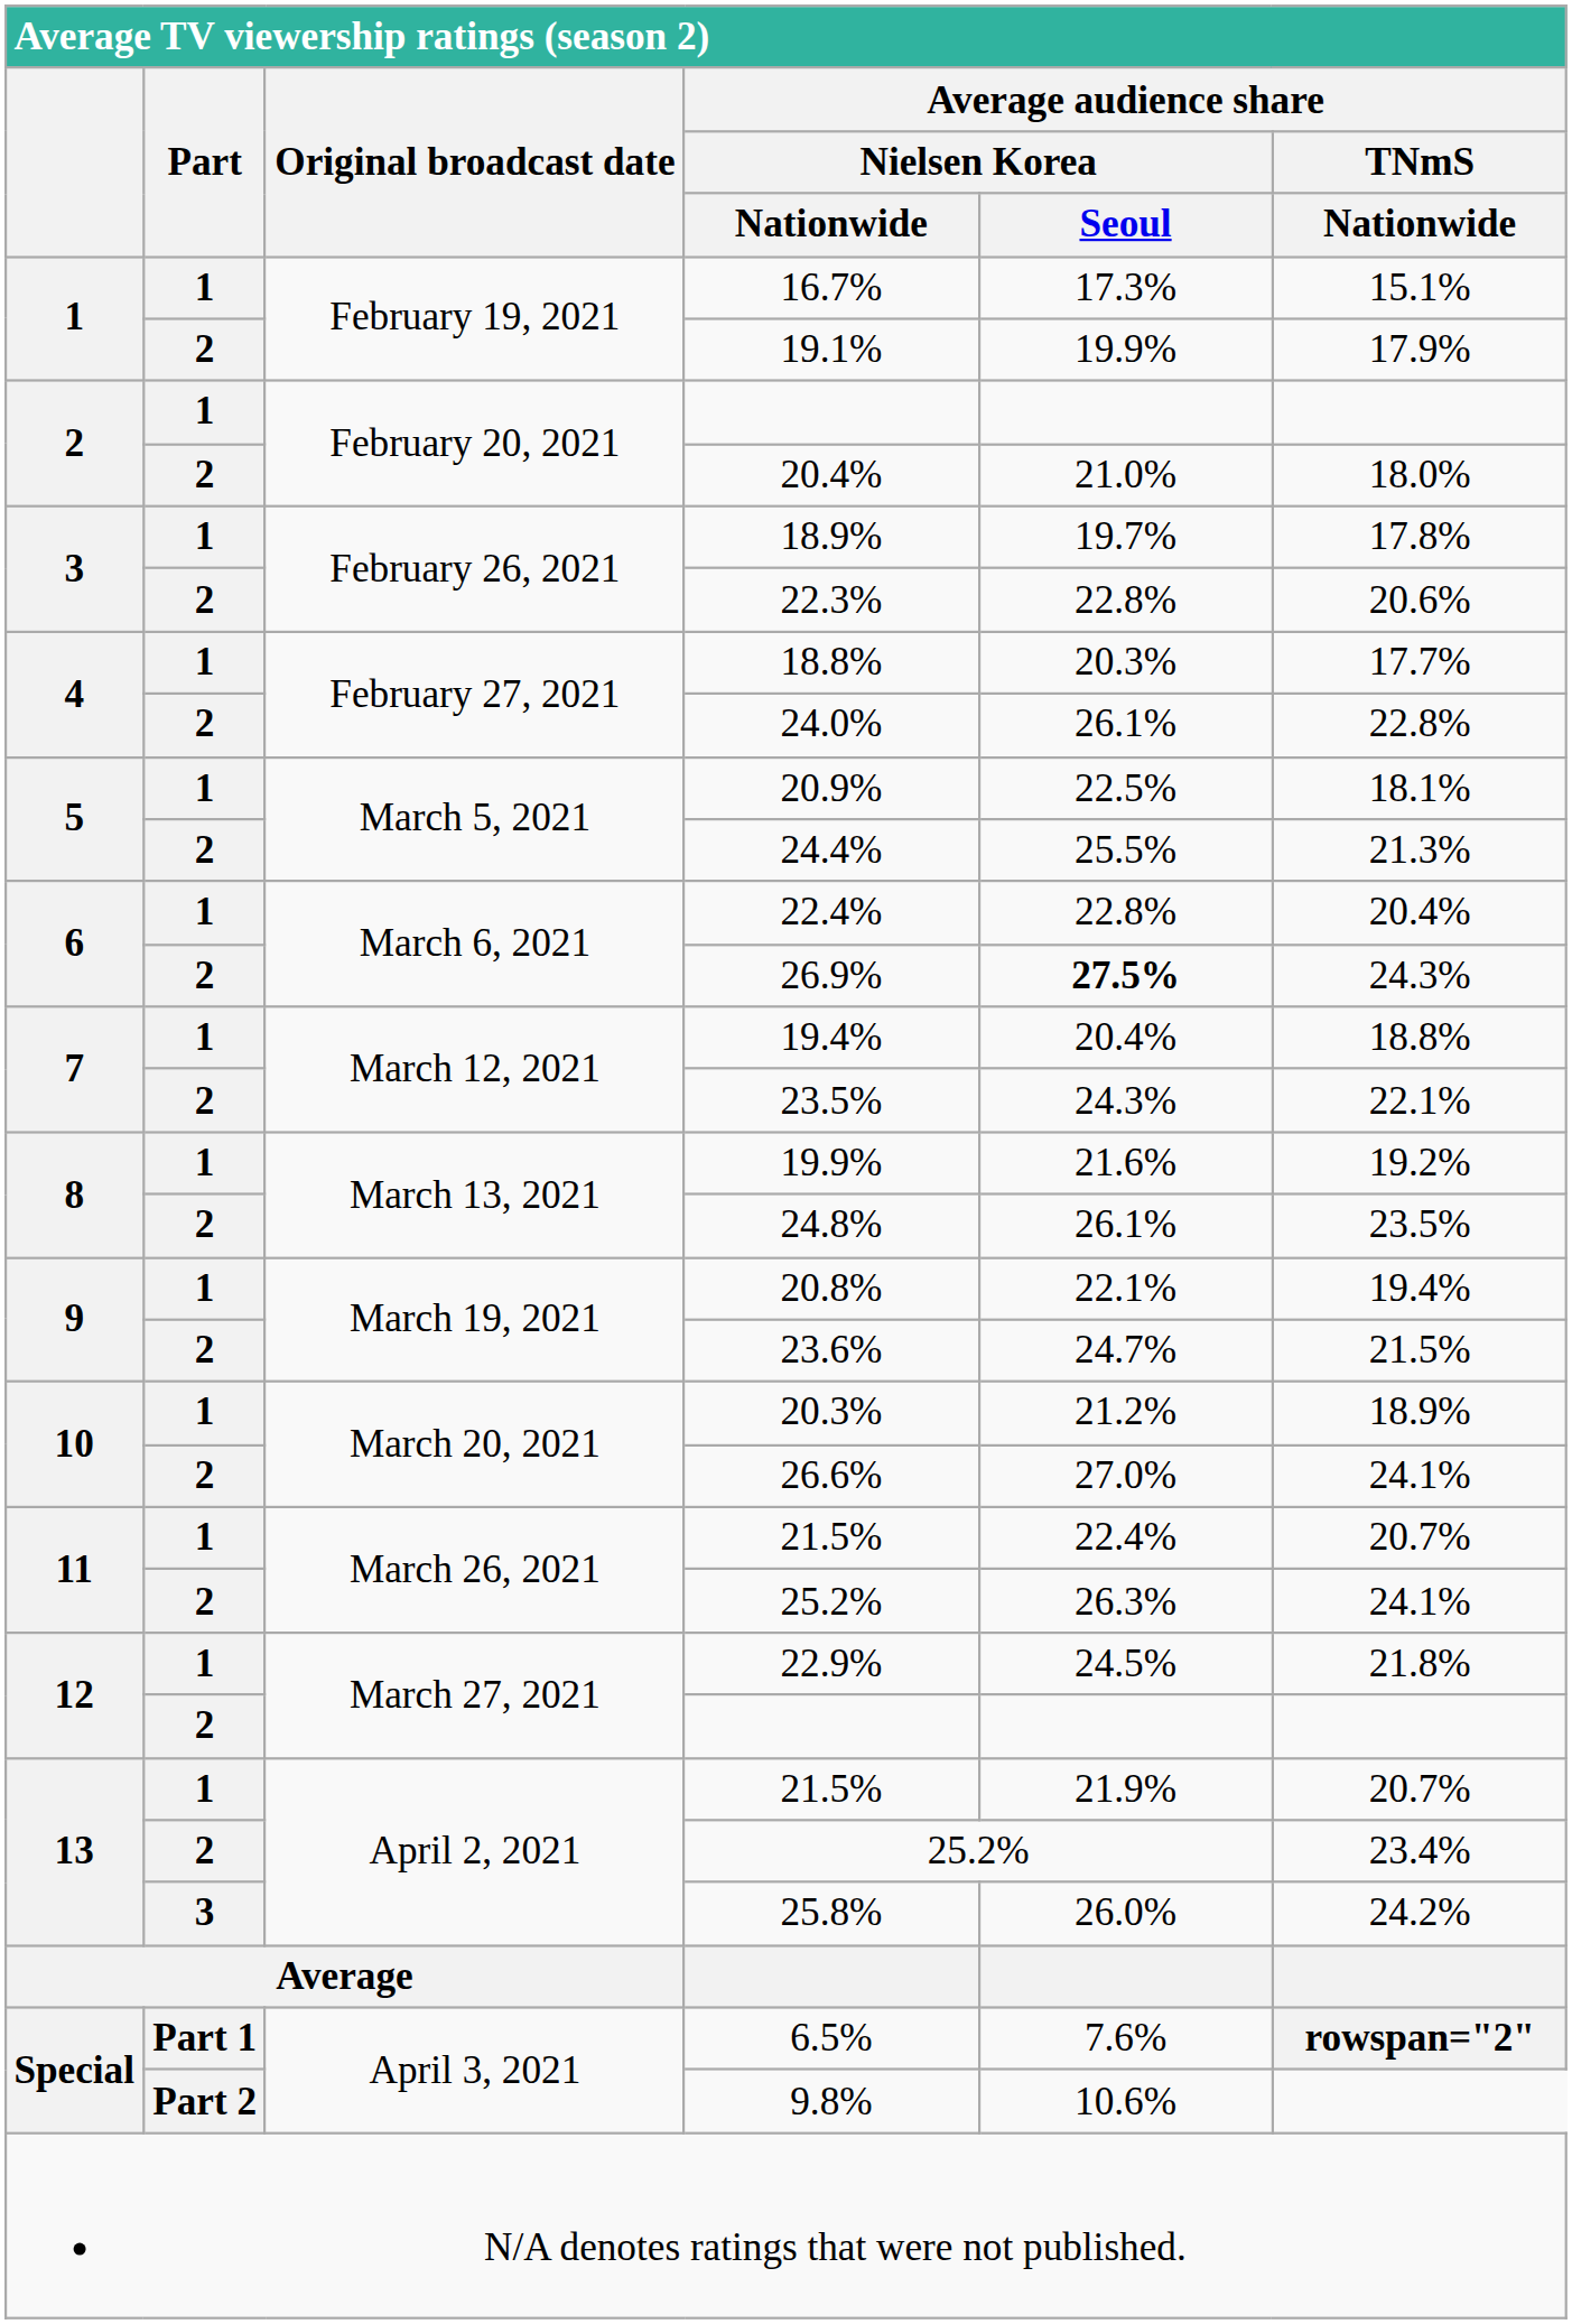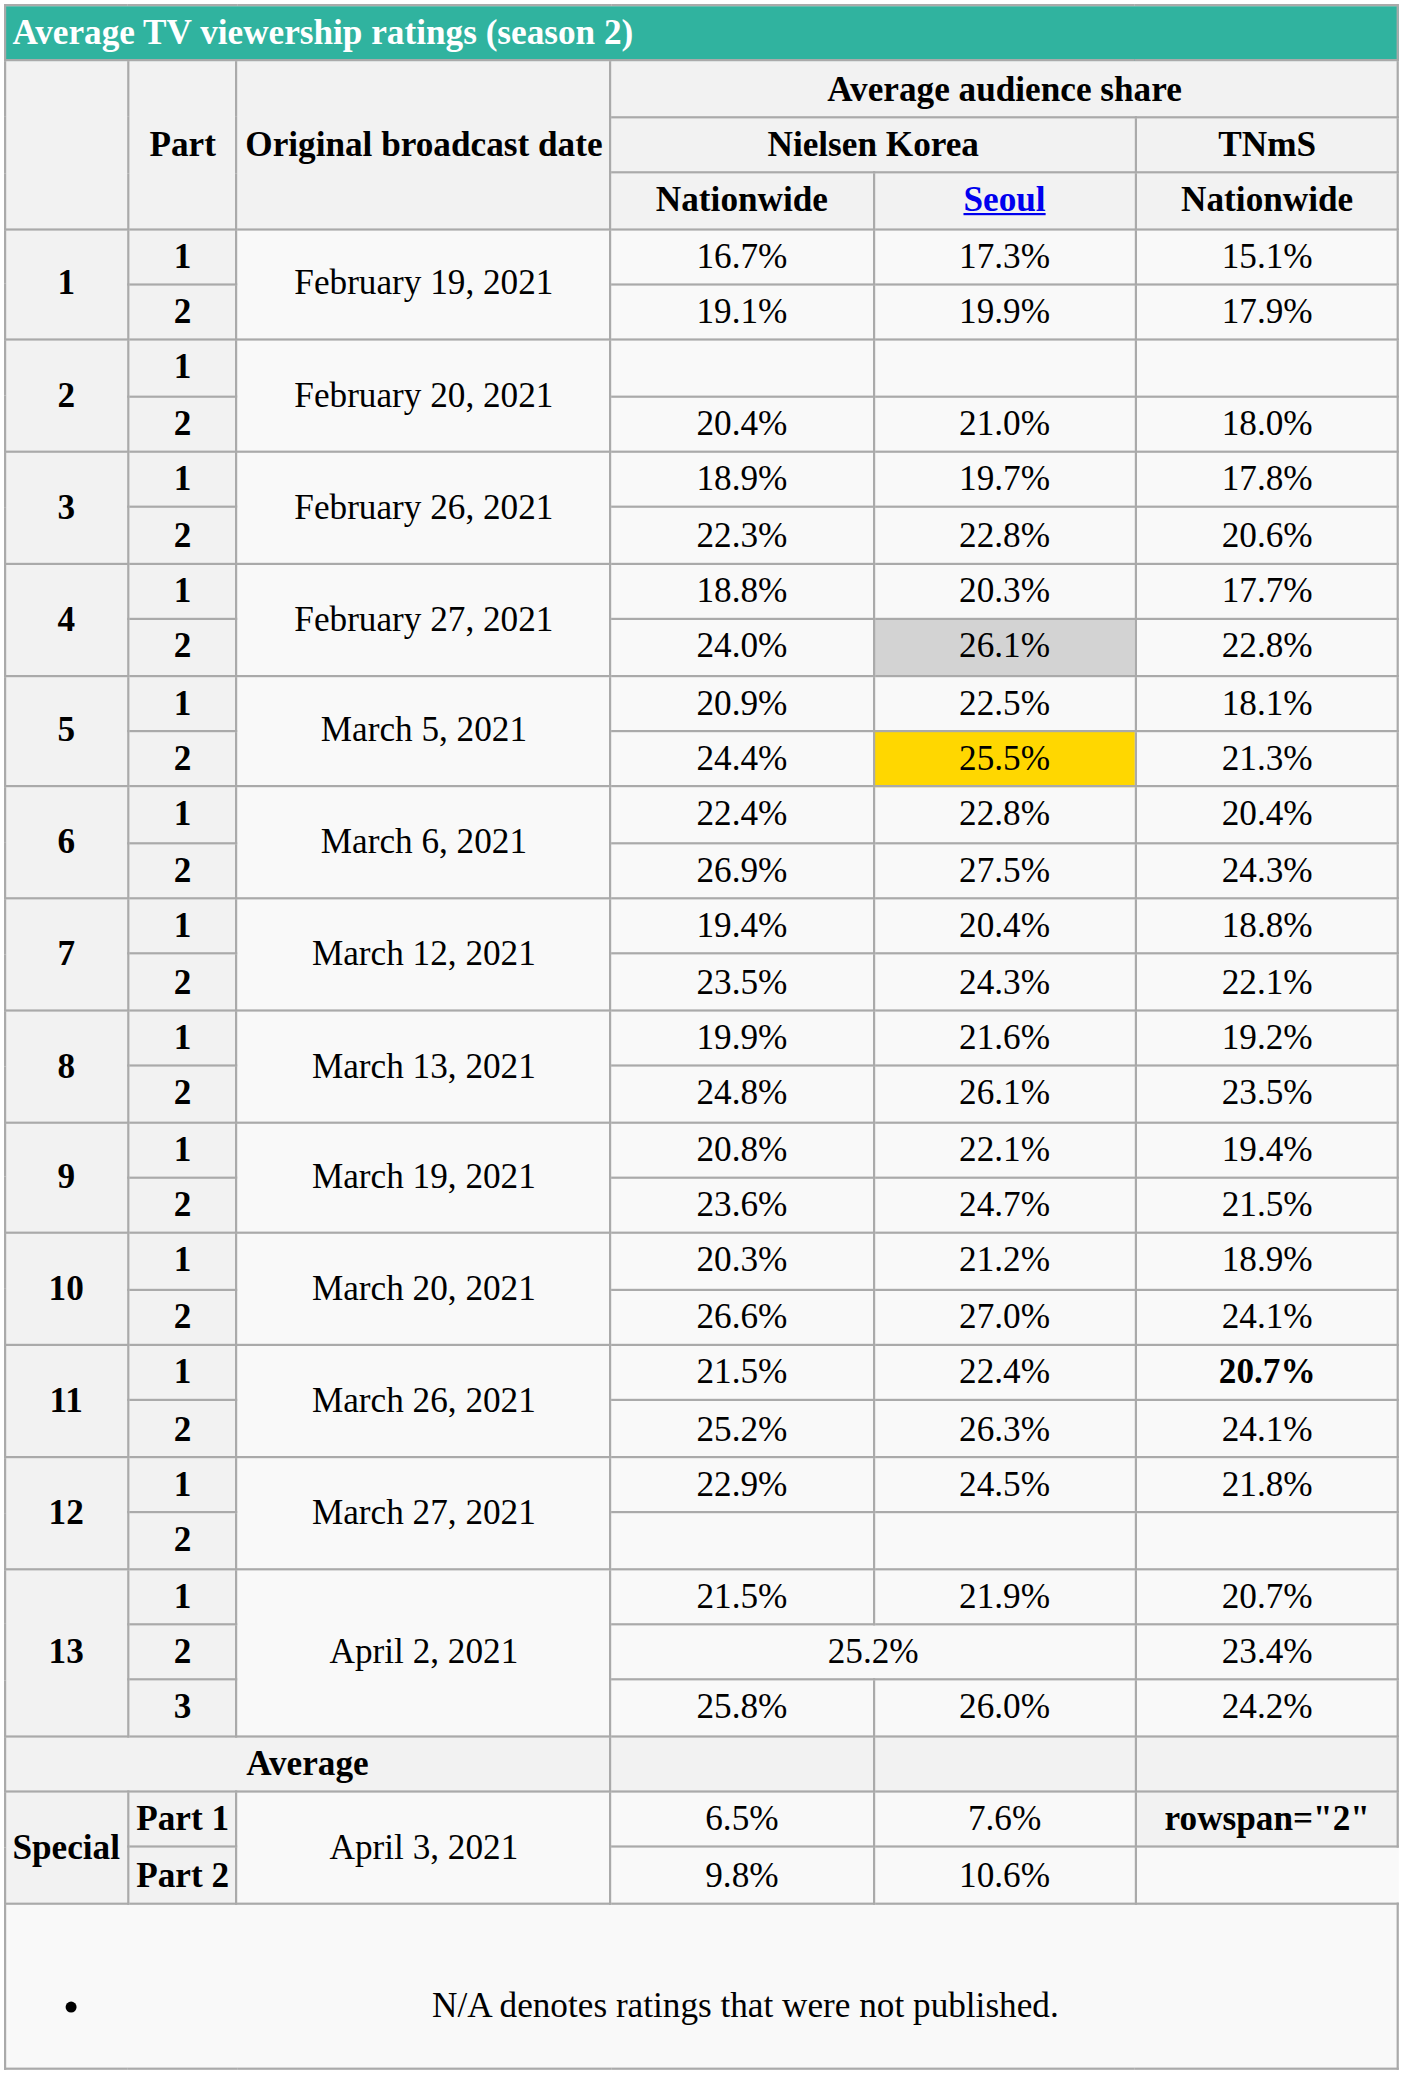 <table role="presentation" class="wikitable mw-collapsible mw-collapsed" style="text-align:center; max-width:650px; margin-left:auto; margin-right:auto; border:none">
 <tr>
 <th colspan="6" style="background:#30B39F; color:white; text-align:left">Average TV viewership ratings (season 2)</th>
 </tr>
 <tr>
 <th scope="col" rowspan="3"></th>
 <th scope="col" rowspan="3">Part</th>
 <th scope="col" rowspan="3">Original broadcast date</th>
 <th scope="col" colspan="3">Average audience share</th>
 </tr>
 <tr>
 <th scope="col" colspan="2">Nielsen Korea</th>
 <th scope="col">TNmS</th>
 </tr>
 <tr>
 <th scope="col" style="width:7em">Nationwide</th>
 <th scope="col" style="width:7em"><a href='#'>Seoul</a></th>
 <th scope="col" style="width:7em">Nationwide</th>
 </tr>
 <tr>
 <th scope="col" rowspan="2">1</th>
 <th scope="col">1</th>
 <td rowspan="2">February 19, 2021</td>
 <td>16.7% </td>
 <td>17.3% </td>
 <td>15.1% </td>
 </tr>
 <tr>
 <th scope="col">2</th>
 <td>19.1% </td>
 <td>19.9% </td>
 <td>17.9% </td>
 </tr>
 <tr>
 <th scope="col" rowspan="2">2</th>
 <th scope="col">1</th>
 <td rowspan="2">February 20, 2021</td>
 <td><strong></strong> </td>
 <td><strong></strong> </td>
 <td><strong></strong> </td>
 </tr>
 <tr>
 <th scope="col">2</th>
 <td>20.4% </td>
 <td>21.0% </td>
 <td>18.0% </td>
 </tr>
 <tr>
 <th scope="col" rowspan="2">3</th>
 <th scope="col">1</th>
 <td rowspan="2">February 26, 2021</td>
 <td>18.9% </td>
 <td>19.7% </td>
 <td>17.8% </td>
 </tr>
 <tr>
 <th scope="col">2</th>
 <td>22.3% </td>
 <td>22.8% </td>
 <td>20.6% </td>
 </tr>
 <tr>
 <th scope="col" rowspan="2">4</th>
 <th scope="col">1</th>
 <td rowspan="2">February 27, 2021</td>
 <td>18.8% </td>
 <td>20.3% </td>
 <td>17.7% </td>
 </tr>
 <tr>
 <th scope="col">2</th>
 <td>24.0% </td>
-<td>26.1% </td>
+<td style="background: lightgrey;">26.1% </td>
 <td>22.8% </td>
 </tr>
 <tr>
 <th scope="col" rowspan="2">5</th>
 <th scope="col">1</th>
 <td rowspan="2">March 5, 2021</td>
 <td>20.9% </td>
 <td>22.5% </td>
 <td>18.1% </td>
 </tr>
 <tr>
 <th scope="col">2</th>
 <td>24.4% </td>
-<td>25.5% </td>
+<td style="background: gold;">25.5% </td>
 <td>21.3% </td>
 </tr>
 <tr>
 <th scope="col" rowspan="2">6</th>
 <th scope="col">1</th>
 <td rowspan="2">March 6, 2021</td>
 <td>22.4% </td>
 <td>22.8% </td>
 <td>20.4% </td>
 </tr>
 <tr>
 <th scope="col">2</th>
 <td>26.9% </td>
-<td><strong>27.5% </strong></td>
+<td>27.5% </td>
 <td>24.3% </td>
 </tr>
 <tr>
 <th scope="col" rowspan="2">7</th>
 <th scope="col">1</th>
 <td rowspan="2">March 12, 2021</td>
 <td>19.4% </td>
 <td>20.4% </td>
 <td>18.8% </td>
 </tr>
 <tr>
 <th scope="col">2</th>
 <td>23.5% </td>
 <td>24.3% </td>
 <td>22.1% </td>
 </tr>
 <tr>
 <th scope="col" rowspan="2">8</th>
 <th scope="col">1</th>
 <td rowspan="2">March 13, 2021</td>
 <td>19.9% </td>
 <td>21.6% </td>
 <td>19.2% </td>
 </tr>
 <tr>
 <th scope="col">2</th>
 <td>24.8% </td>
 <td>26.1% </td>
 <td>23.5% </td>
 </tr>
 <tr>
 <th scope="col" rowspan="2">9</th>
 <th scope="col">1</th>
 <td rowspan="2">March 19, 2021</td>
 <td>20.8% </td>
 <td>22.1% </td>
 <td>19.4% </td>
 </tr>
 <tr>
 <th scope="col">2</th>
 <td>23.6% </td>
 <td>24.7% </td>
 <td>21.5% </td>
 </tr>
 <tr>
 <th scope="col" rowspan="2">10</th>
 <th scope="col">1</th>
 <td rowspan="2">March 20, 2021</td>
 <td>20.3% </td>
 <td>21.2% </td>
 <td>18.9% </td>
 </tr>
 <tr>
 <th scope="col">2</th>
 <td>26.6% </td>
 <td>27.0% </td>
 <td>24.1% </td>
 </tr>
 <tr>
 <th scope="col" rowspan="2">11</th>
 <th scope="col">1</th>
 <td rowspan="2">March 26, 2021</td>
 <td>21.5% </td>
 <td>22.4% </td>
-<td>20.7% </td>
+<td><strong>20.7% </strong></td>
 </tr>
 <tr>
 <th scope="col">2</th>
 <td>25.2% </td>
 <td>26.3% </td>
 <td>24.1% </td>
 </tr>
 <tr>
 <th scope="col" rowspan="2">12</th>
 <th scope="col">1</th>
 <td rowspan="2">March 27, 2021</td>
 <td>22.9% </td>
 <td>24.5% </td>
 <td>21.8% </td>
 </tr>
 <tr>
 <th scope="col">2</th>
 <td><strong></strong> </td>
 <td><strong></strong> </td>
 <td><strong></strong> </td>
 </tr>
 <tr>
 <th scope="col" rowspan="3">13</th>
 <th scope="col">1</th>
 <td rowspan="3">April 2, 2021</td>
 <td>21.5% </td>
 <td>21.9% </td>
 <td>20.7% </td>
 </tr>
 <tr>
 <th scope="col">2</th>
 <td colspan="2">25.2% </td>
 <td>23.4% </td>
 </tr>
 <tr>
 <th scope="col">3</th>
 <td>25.8% </td>
 <td>26.0% </td>
 <td>24.2% </td>
 </tr>
 <tr>
 <th scope="col" colspan="3">Average</th>
 <th scope="col"></th>
 <th scope="col"></th>
 <th scope="col"></th>
 </tr>
 <tr>
 <th scope="col" rowspan="2">Special</th>
 <th scope="col">Part 1</th>
 <td rowspan="2">April 3, 2021</td>
 <td>6.5% </td>
 <td>7.6% </td>
 <th>rowspan="2" </th>
 </tr>
 <tr>
 <th scope="col">Part 2</th>
 <td>9.8% </td>
 <td>10.6% </td>
 </tr>
 <tr>
 <td colspan="6" style="text-align:center"><br><ul><li>N/A denotes ratings that were not published.</li></ul></td>
 </tr>
 </table>
